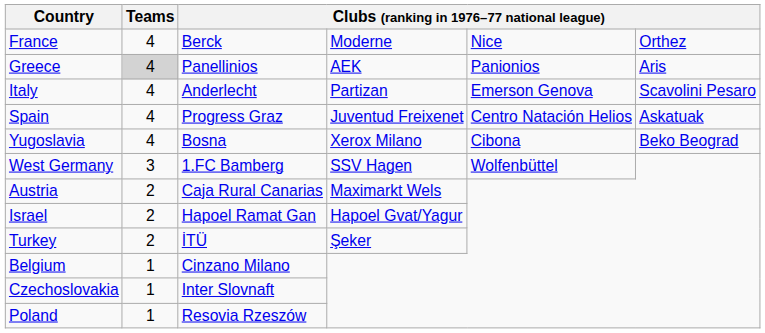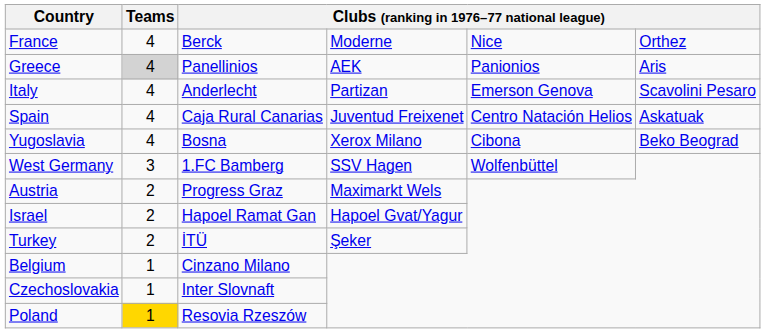 <table class="wikitable" style="margin-left:0.5em;">
 <tr>
 <th>Country</th>
 <th>Teams</th>
 <th colspan=5>Clubs <small>(ranking in 1976–77 national league)</small></th>
 </tr>
 <tr>
 <td> <a href='#'>France</a></td>
 <td align=center>4</td>
 <td><a href='#'>Berck</a></td>
 <td><a href='#'>Moderne</a></td>
 <td><a href='#'>Nice</a></td>
 <td><a href='#'>Orthez</a></td>
 </tr>
 <tr>
 <td> <a href='#'>Greece</a></td>
 <td align=center style="background: lightgrey;">4</td>
 <td><a href='#'>Panellinios</a></td>
 <td><a href='#'>AEK</a></td>
 <td><a href='#'>Panionios</a></td>
 <td><a href='#'>Aris</a></td>
 </tr>
 <tr>
 <td> <a href='#'>Italy</a></td>
 <td align=center>4</td>
 <td><a href='#'>Anderlecht</a></td>
 <td><a href='#'>Partizan</a></td>
 <td><a href='#'>Emerson Genova</a></td>
 <td><a href='#'>Scavolini Pesaro</a></td>
 </tr>
 <tr>
 <td> <a href='#'>Spain</a></td>
 <td align=center>4</td>
-<td><a href='#'>Progress Graz</a></td>
+<td><a href='#'>Caja Rural Canarias</a></td>
 <td><a href='#'>Juventud Freixenet</a></td>
 <td><a href='#'>Centro Natación Helios</a></td>
 <td><a href='#'>Askatuak</a></td>
 </tr>
 <tr>
 <td> <a href='#'>Yugoslavia</a></td>
 <td align=center>4</td>
 <td><a href='#'>Bosna</a></td>
 <td><a href='#'>Xerox Milano</a></td>
 <td><a href='#'>Cibona</a></td>
 <td><a href='#'>Beko Beograd</a></td>
 </tr>
 <tr>
 <td> <a href='#'>West Germany</a></td>
 <td align=center>3</td>
 <td><a href='#'>1.FC Bamberg</a></td>
 <td><a href='#'>SSV Hagen</a></td>
 <td><a href='#'>Wolfenbüttel</a></td>
 </tr>
 <tr>
 <td> <a href='#'>Austria</a></td>
 <td align=center>2</td>
-<td><a href='#'>Caja Rural Canarias</a></td>
+<td><a href='#'>Progress Graz</a></td>
 <td><a href='#'>Maximarkt Wels</a></td>
 </tr>
 <tr>
 <td> <a href='#'>Israel</a></td>
 <td align=center>2</td>
 <td><a href='#'>Hapoel Ramat Gan</a></td>
 <td><a href='#'>Hapoel Gvat/Yagur</a></td>
 </tr>
 <tr>
 <td> <a href='#'>Turkey</a></td>
 <td align=center>2</td>
 <td><a href='#'>İTÜ</a></td>
 <td><a href='#'>Şeker</a></td>
 </tr>
 <tr>
 <td> <a href='#'>Belgium</a></td>
 <td align=center>1</td>
 <td><a href='#'>Cinzano Milano</a></td>
 </tr>
 <tr>
 <td> <a href='#'>Czechoslovakia</a></td>
 <td align=center>1</td>
 <td><a href='#'>Inter Slovnaft</a></td>
 </tr>
 <tr>
 <td> <a href='#'>Poland</a></td>
-<td align=center>1</td>
+<td align=center style="background: gold;">1</td>
 <td><a href='#'>Resovia Rzeszów</a></td>
 </tr>
 </table>
